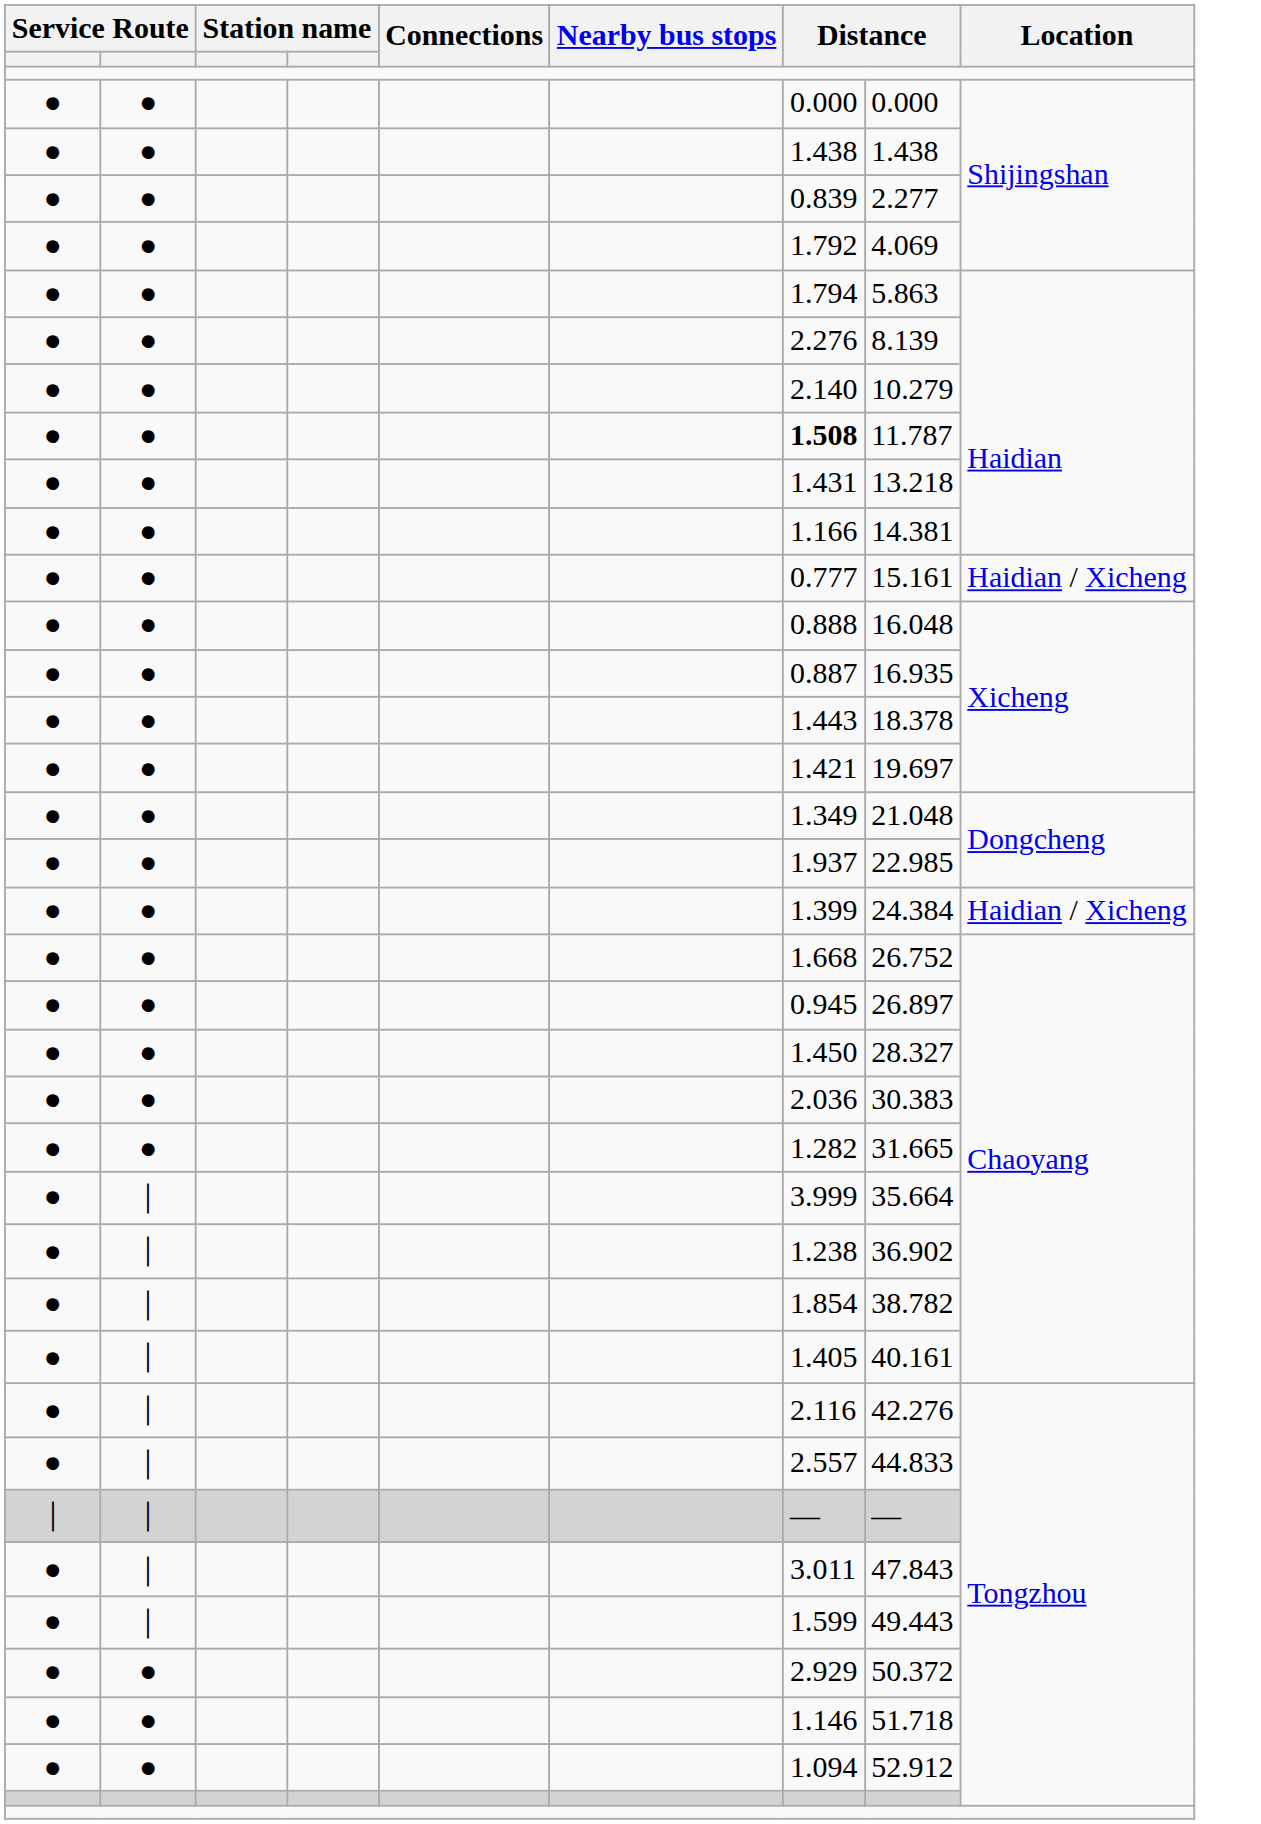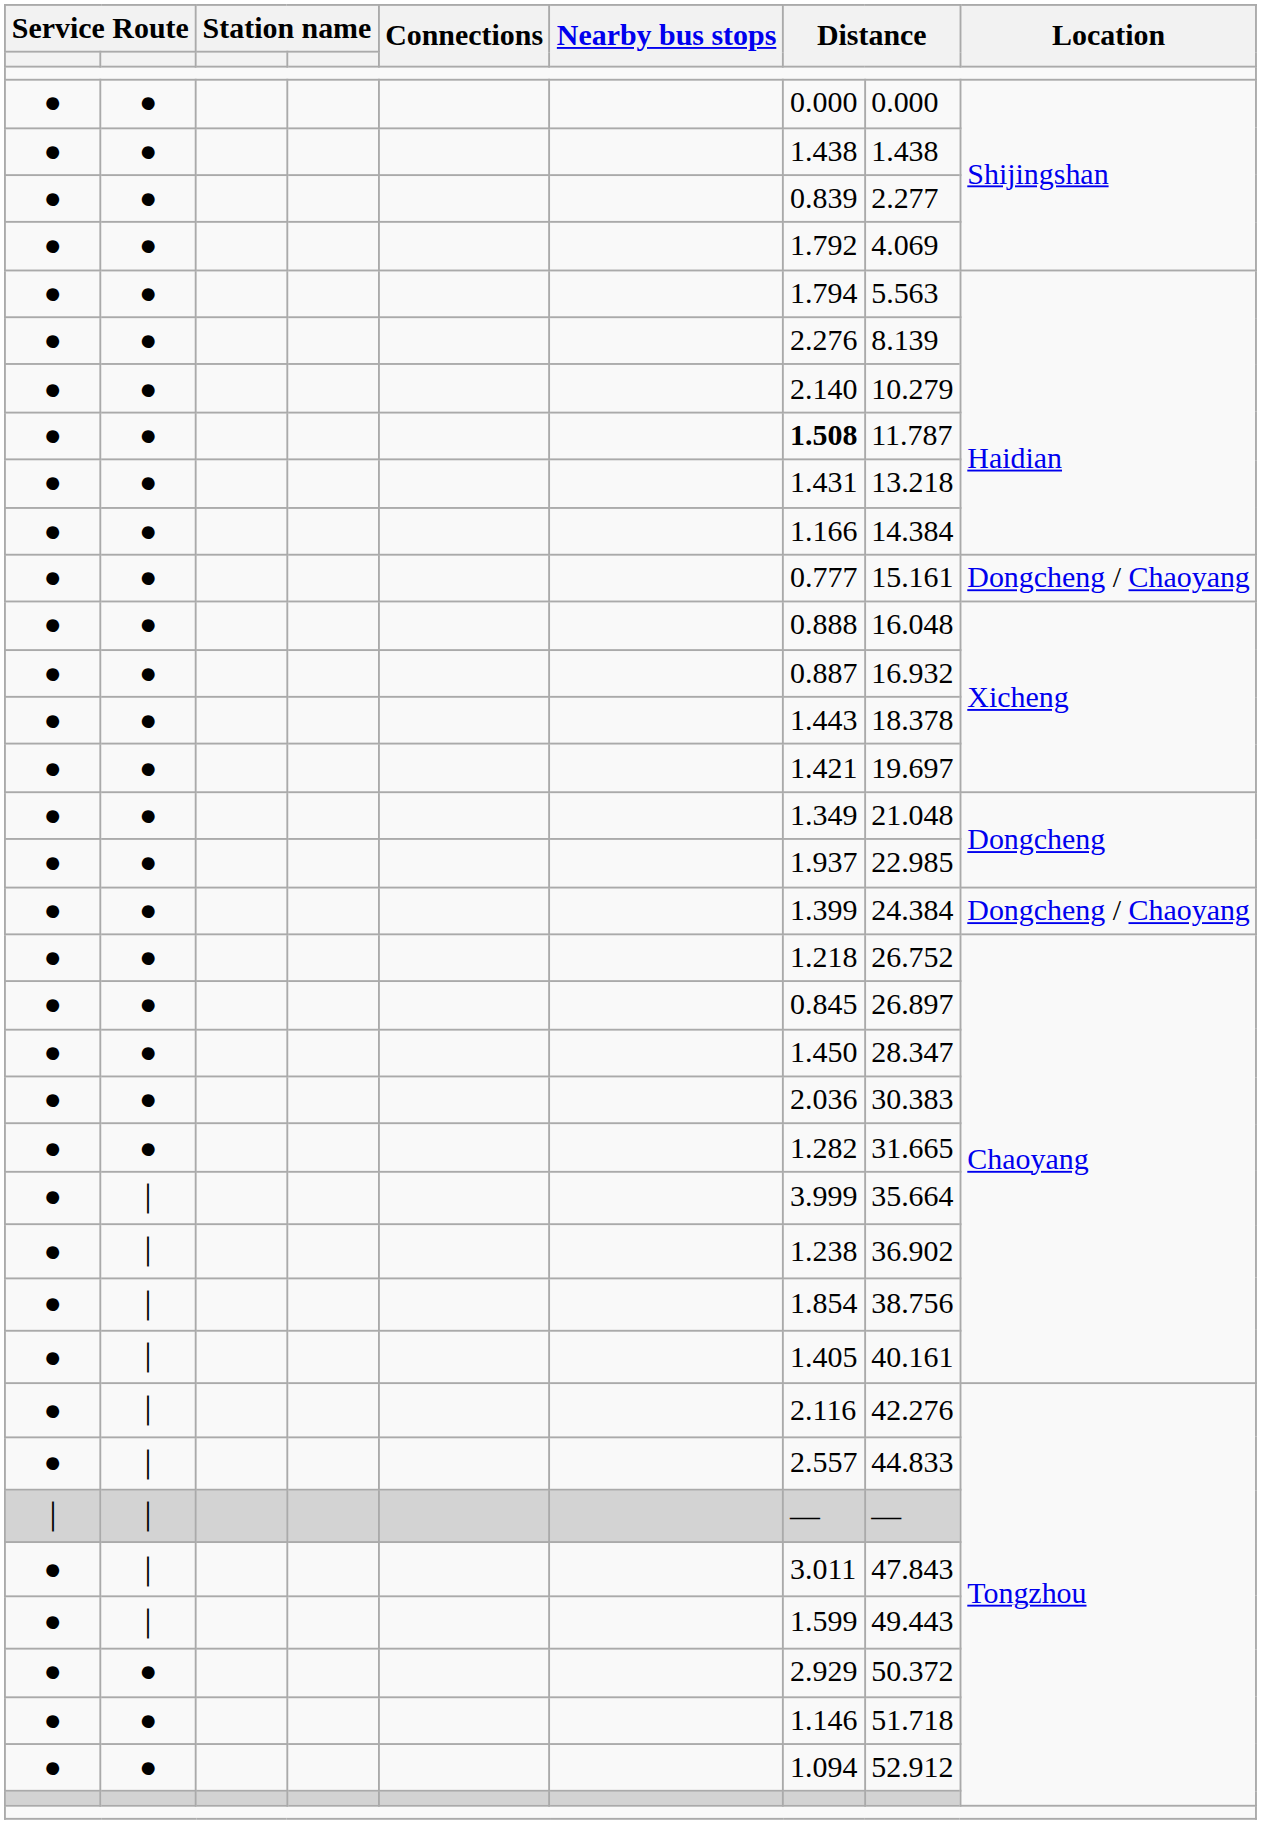 <table class="wikitable">
 <tr>
 <th colspan="2">Service Route<br></th>
 <th colspan="2">Station name</th>
 <th rowspan="2">Connections</th>
 <th rowspan="2"><a href='#'>Nearby bus stops</a></th>
 <th colspan="2" rowspan="2">Distance<br></th>
 <th rowspan="2">Location</th>
 </tr>
 <tr>
 <th></th>
 <th></th>
 <th></th>
 <th></th>
 </tr>
 <tr style="background:#">
 <td colspan="9"></td>
 </tr>
 <tr>
 <td align="center">●</td>
 <td align="center">●</td>
 <td></td>
 <td></td>
 <td> </td>
 <td></td>
 <td>0.000</td>
 <td>0.000</td>
 <td rowspan="4"><a href='#'>Shijingshan</a></td>
 </tr>
 <tr>
 <td align="center">●</td>
 <td align="center">●</td>
 <td></td>
 <td></td>
 <td> </td>
 <td></td>
 <td>1.438</td>
 <td>1.438</td>
 </tr>
 <tr>
 <td align="center">●</td>
 <td align="center">●</td>
 <td></td>
 <td></td>
 <td></td>
 <td></td>
 <td>0.839</td>
 <td>2.277</td>
 </tr>
 <tr>
 <td align="center">●</td>
 <td align="center">●</td>
 <td></td>
 <td></td>
 <td></td>
 <td></td>
 <td>1.792</td>
 <td>4.069</td>
 </tr>
 <tr>
 <td align="center">●</td>
 <td align="center">●</td>
 <td></td>
 <td></td>
 <td></td>
 <td></td>
 <td>1.794</td>
-<td>5.863</td>
+<td>5.563</td>
 <td rowspan="2" style="border-bottom:solid 0 lightgray;"></td>
 </tr>
 <tr>
 <td align="center">●</td>
 <td align="center">●</td>
 <td></td>
 <td></td>
 <td></td>
 <td></td>
 <td>2.276</td>
 <td>8.139</td>
 </tr>
 <tr>
 <td align="center">●</td>
 <td align="center">●</td>
 <td></td>
 <td></td>
 <td></td>
 <td></td>
 <td>2.140</td>
 <td>10.279</td>
 <td rowspan="4" style="border-top:solid 0;"><a href='#'>Haidian</a></td>
 </tr>
 <tr>
 <td align="center">●</td>
 <td align="center">●</td>
 <td></td>
 <td></td>
 <td></td>
 <td></td>
 <td><strong>1.508</strong></td>
 <td>11.787</td>
 </tr>
 <tr>
 <td align="center">●</td>
 <td align="center">●</td>
 <td></td>
 <td></td>
 <td></td>
 <td></td>
 <td>1.431</td>
 <td>13.218</td>
 </tr>
 <tr>
 <td align="center">●</td>
 <td align="center">●</td>
 <td></td>
 <td></td>
 <td></td>
 <td></td>
 <td>1.166</td>
-<td>14.381</td>
+<td>14.384</td>
 </tr>
 <tr>
 <td align="center">●</td>
 <td align="center">●</td>
 <td></td>
 <td></td>
 <td></td>
 <td></td>
 <td>0.777</td>
 <td>15.161</td>
-<td><a href='#'>Haidian</a> / <a href='#'>Xicheng</a></td>
+<td><a href='#'>Dongcheng</a> / <a href='#'>Chaoyang</a></td>
 </tr>
 <tr>
 <td align="center">●</td>
 <td align="center">●</td>
 <td></td>
 <td></td>
 <td></td>
 <td></td>
 <td>0.888</td>
 <td>16.048</td>
 <td rowspan="4"><a href='#'>Xicheng</a></td>
 </tr>
 <tr>
 <td align="center">●</td>
 <td align="center">●</td>
 <td></td>
 <td></td>
 <td> </td>
 <td></td>
 <td>0.887</td>
-<td>16.935</td>
+<td>16.932</td>
 </tr>
 <tr>
 <td align="center">●</td>
 <td align="center">●</td>
 <td></td>
 <td></td>
 <td> </td>
 <td></td>
 <td>1.443</td>
 <td>18.378</td>
 </tr>
 <tr>
 <td align="center">●</td>
 <td align="center">●</td>
 <td></td>
 <td></td>
 <td></td>
 <td></td>
 <td>1.421</td>
 <td>19.697</td>
 </tr>
 <tr>
 <td align="center">●</td>
 <td align="center">●</td>
 <td></td>
 <td></td>
 <td></td>
 <td></td>
 <td>1.349</td>
 <td>21.048</td>
 <td rowspan="2"><a href='#'>Dongcheng</a></td>
 </tr>
 <tr>
 <td align="center">●</td>
 <td align="center">●</td>
 <td></td>
 <td></td>
 <td></td>
 <td></td>
 <td>1.937</td>
 <td>22.985</td>
 </tr>
 <tr>
 <td align="center">●</td>
 <td align="center">●</td>
 <td></td>
 <td></td>
 <td></td>
 <td></td>
 <td>1.399</td>
 <td>24.384</td>
-<td><a href='#'>Haidian</a> / <a href='#'>Xicheng</a></td>
+<td><a href='#'>Dongcheng</a> / <a href='#'>Chaoyang</a></td>
 </tr>
 <tr>
 <td align="center">●</td>
 <td align="center">●</td>
 <td></td>
 <td></td>
 <td></td>
 <td></td>
-<td>1.668</td>
+<td>1.218</td>
 <td>26.752</td>
 <td rowspan="9"><a href='#'>Chaoyang</a></td>
 </tr>
 <tr>
 <td align="center">●</td>
 <td align="center">●</td>
 <td></td>
 <td></td>
 <td></td>
 <td></td>
-<td>0.945</td>
+<td>0.845</td>
 <td>26.897</td>
 </tr>
 <tr>
 <td align="center">●</td>
 <td align="center">●</td>
 <td></td>
 <td></td>
 <td></td>
 <td></td>
 <td>1.450</td>
-<td>28.327</td>
+<td>28.347</td>
 </tr>
 <tr>
 <td align="center">●</td>
 <td align="center">●</td>
 <td></td>
 <td></td>
 <td></td>
 <td></td>
 <td>2.036</td>
 <td>30.383</td>
 </tr>
 <tr>
 <td align="center">●</td>
 <td align="center">●</td>
 <td></td>
 <td></td>
 <td></td>
 <td></td>
 <td>1.282</td>
 <td>31.665</td>
 </tr>
 <tr>
 <td align="center">●</td>
 <td align="center">｜</td>
 <td></td>
 <td></td>
 <td></td>
 <td></td>
 <td>3.999</td>
 <td>35.664</td>
 </tr>
 <tr>
 <td align="center">●</td>
 <td align="center">｜</td>
 <td></td>
 <td></td>
 <td></td>
 <td></td>
 <td>1.238</td>
 <td>36.902</td>
 </tr>
 <tr>
 <td align="center">●</td>
 <td align="center">｜</td>
 <td></td>
 <td></td>
 <td></td>
 <td></td>
 <td>1.854</td>
-<td>38.782</td>
+<td>38.756</td>
 </tr>
 <tr>
 <td align="center">●</td>
 <td align="center">｜</td>
 <td></td>
 <td></td>
 <td></td>
 <td></td>
 <td>1.405</td>
 <td>40.161</td>
 </tr>
 <tr>
 <td align="center">●</td>
 <td align="center">｜</td>
 <td></td>
 <td></td>
 <td></td>
 <td></td>
 <td>2.116</td>
 <td>42.276</td>
 <td rowspan="9"><a href='#'>Tongzhou</a></td>
 </tr>
 <tr>
 <td align="center">●</td>
 <td align="center">｜</td>
 <td></td>
 <td></td>
 <td></td>
 <td></td>
 <td>2.557</td>
 <td>44.833</td>
 </tr>
 <tr bgcolor="lightgrey">
 <td align="center">｜</td>
 <td align="center">｜</td>
 <td><em></em></td>
 <td></td>
 <td></td>
 <td></td>
 <td>—</td>
 <td>—</td>
 </tr>
 <tr>
 <td align="center">●</td>
 <td align="center">｜</td>
 <td></td>
 <td></td>
 <td></td>
 <td></td>
 <td>3.011</td>
 <td>47.843</td>
 </tr>
 <tr>
 <td align="center">●</td>
 <td align="center">｜</td>
 <td></td>
 <td></td>
 <td></td>
 <td></td>
 <td>1.599</td>
 <td>49.443</td>
 </tr>
 <tr>
 <td align="center">●</td>
 <td align="center">●</td>
 <td></td>
 <td></td>
 <td></td>
 <td></td>
 <td>2.929</td>
 <td>50.372</td>
 </tr>
 <tr>
 <td align="center">●</td>
 <td align="center">●</td>
 <td></td>
 <td></td>
 <td></td>
 <td></td>
 <td>1.146</td>
 <td>51.718</td>
 </tr>
 <tr>
 <td align="center">●</td>
 <td align="center">●</td>
 <td></td>
 <td></td>
 <td></td>
 <td></td>
 <td>1.094</td>
 <td>52.912</td>
 </tr>
 <tr bgcolor="lightgrey">
 <td align="center"></td>
 <td align="center"></td>
 <td><em></em></td>
 <td></td>
 <td></td>
 <td></td>
 <td></td>
 <td></td>
 </tr>
 <tr style="background:#">
 <td colspan="9"></td>
 </tr>
 </table>
